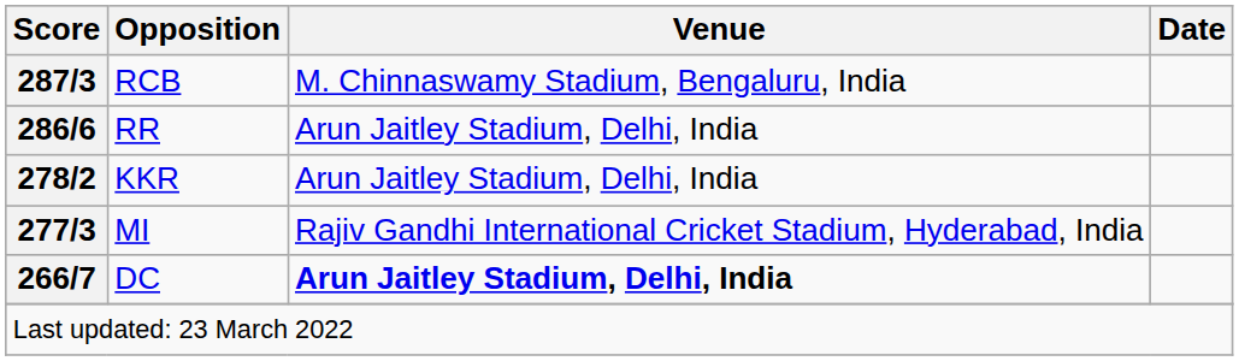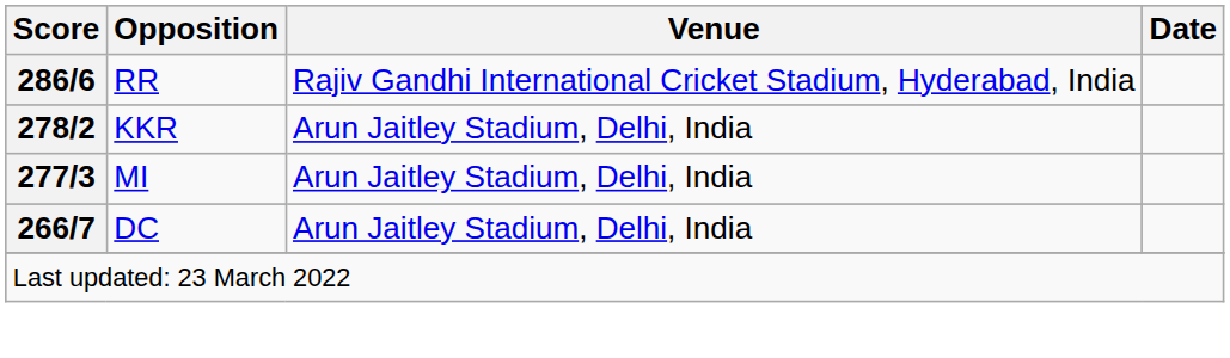 <table class="wikitable">
 <tr>
 <th style="text-align=center;"><strong>Score</strong></th>
 <th style="text-align=center;"><strong>Opposition</strong></th>
 <th style="text-align=center;"><strong>Venue</strong></th>
 <th style="text-align=center;"><strong>Date</strong></th>
 </tr>
 <tr>
-<th>287/3</th>
-<td><a href='#'>RCB</a></td>
-<td><a href='#'>M. Chinnaswamy Stadium</a>, <a href='#'>Bengaluru</a>, India</td>
-<td></td>
-</tr>
-<tr>
 <th>286/6</th>
 <td><a href='#'>RR</a></td>
-<td><a href='#'>Arun Jaitley Stadium</a>, <a href='#'>Delhi</a>, India</td>
+<td><a href='#'>Rajiv Gandhi International Cricket Stadium</a>, <a href='#'>Hyderabad</a>, India</td>
 <td></td>
 </tr>
 <tr>
 <th>278/2</th>
 <td><a href='#'>KKR</a></td>
 <td><a href='#'>Arun Jaitley Stadium</a>, <a href='#'>Delhi</a>, India</td>
 <td></td>
 </tr>
 <tr>
 <th>277/3</th>
 <td><a href='#'>MI</a></td>
-<td><a href='#'>Rajiv Gandhi International Cricket Stadium</a>, <a href='#'>Hyderabad</a>, India</td>
+<td><a href='#'>Arun Jaitley Stadium</a>, <a href='#'>Delhi</a>, India</td>
 <td></td>
 </tr>
 <tr>
 <th>266/7</th>
 <td><a href='#'>DC</a></td>
-<td><strong><a href='#'>Arun Jaitley Stadium</a>, <a href='#'>Delhi</a>, India</strong></td>
+<td><a href='#'>Arun Jaitley Stadium</a>, <a href='#'>Delhi</a>, India</td>
 <td></td>
 </tr>
 <tr>
 </tr>
 <tr class=sortbottom>
 <td colspan="4"><small>Last updated: 23 March 2022</small></td>
 </tr>
 </table>
